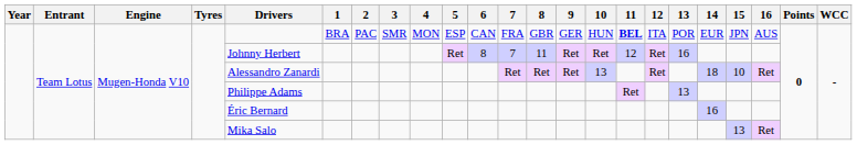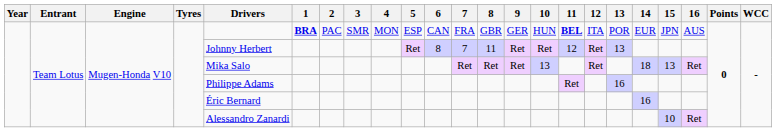 <table class="wikitable" style="text-align:center; font-size:95%">
 <tr>
 <th>Year</th>
 <th>Entrant</th>
 <th>Engine</th>
 <th>Tyres</th>
 <th>Drivers</th>
 <th>1</th>
 <th>2</th>
 <th>3</th>
 <th>4</th>
 <th>5</th>
 <th>6</th>
 <th>7</th>
 <th>8</th>
 <th>9</th>
 <th>10</th>
 <th>11</th>
 <th>12</th>
 <th>13</th>
 <th>14</th>
 <th>15</th>
 <th>16</th>
 <th>Points</th>
 <th>WCC</th>
 </tr>
 <tr>
 <td rowspan="6"></td>
 <td rowspan="6"><a href='#'>Team Lotus</a></td>
 <td rowspan="6"><a href='#'>Mugen-Honda</a> <a href='#'>V10</a></td>
 <td rowspan="6"></td>
 <td></td>
-<td><a href='#'>BRA</a></td>
+<td><strong><a href='#'>BRA</a></strong></td>
 <td><a href='#'>PAC</a></td>
 <td><a href='#'>SMR</a></td>
 <td><a href='#'>MON</a></td>
 <td><a href='#'>ESP</a></td>
 <td><a href='#'>CAN</a></td>
 <td><a href='#'>FRA</a></td>
 <td><a href='#'>GBR</a></td>
 <td><a href='#'>GER</a></td>
 <td><a href='#'>HUN</a></td>
 <td><strong><a href='#'>BEL</a></strong></td>
 <td><a href='#'>ITA</a></td>
 <td><a href='#'>POR</a></td>
 <td><a href='#'>EUR</a></td>
 <td><a href='#'>JPN</a></td>
 <td><a href='#'>AUS</a></td>
 <td rowspan="6"><strong>0</strong></td>
 <td rowspan="6"><strong>-</strong></td>
 </tr>
 <tr>
 <td align="left"><a href='#'>Johnny Herbert</a></td>
 <td></td>
 <td></td>
 <td></td>
 <td></td>
 <td style="background:#efcfff;">Ret</td>
 <td style="background:#cfcfff;">8</td>
 <td style="background:#cfcfff;">7</td>
 <td style="background:#cfcfff;">11</td>
 <td style="background:#efcfff;">Ret</td>
 <td style="background:#efcfff;">Ret</td>
 <td style="background:#cfcfff;">12</td>
 <td style="background:#efcfff;">Ret</td>
-<td style="background:#CFCFFF;">16</td>
+<td style="background:#cfcfff;">13</td>
 <td></td>
 <td></td>
 <td></td>
 </tr>
 <tr>
-<td align="left"><a href='#'>Alessandro Zanardi</a></td>
+<td align="left"><a href='#'>Mika Salo</a></td>
 <td></td>
 <td></td>
 <td></td>
 <td></td>
 <td></td>
 <td></td>
 <td style="background:#EFCFFF;">Ret</td>
 <td style="background:#EFCFFF;">Ret</td>
 <td style="background:#EFCFFF;">Ret</td>
 <td style="background:#CFCFFF;">13</td>
 <td></td>
 <td style="background:#EFCFFF;">Ret</td>
 <td></td>
 <td style="background:#CFCFFF;">18</td>
-<td style="background:#CFCFFF;">10</td>
+<td style="background:#CFCFFF;">13</td>
 <td style="background:#EFCFFF;">Ret</td>
 </tr>
 <tr>
 <td align="left"><a href='#'>Philippe Adams</a></td>
 <td></td>
 <td></td>
 <td></td>
 <td></td>
 <td></td>
 <td></td>
 <td></td>
 <td></td>
 <td></td>
 <td></td>
 <td style="background:#EFCFFF;">Ret</td>
 <td></td>
-<td style="background:#cfcfff;">13</td>
+<td style="background:#CFCFFF;">16</td>
 <td></td>
 <td></td>
 <td></td>
 </tr>
 <tr>
 <td align="left"><a href='#'>Éric Bernard</a></td>
 <td></td>
 <td></td>
 <td></td>
 <td></td>
 <td></td>
 <td></td>
 <td></td>
 <td></td>
 <td></td>
 <td></td>
 <td></td>
 <td></td>
 <td></td>
 <td style="background:#CFCFFF;">16</td>
 <td></td>
 <td></td>
 </tr>
 <tr>
-<td align="left"><a href='#'>Mika Salo</a></td>
+<td align="left"><a href='#'>Alessandro Zanardi</a></td>
 <td></td>
 <td></td>
 <td></td>
 <td></td>
 <td></td>
 <td></td>
 <td></td>
 <td></td>
 <td></td>
 <td></td>
 <td></td>
 <td></td>
 <td></td>
 <td></td>
-<td style="background:#CFCFFF;">13</td>
+<td style="background:#CFCFFF;">10</td>
 <td style="background:#EFCFFF;">Ret</td>
 </tr>
 </table>
